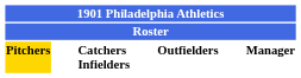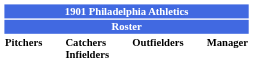 <table class="toccolours" style="font-size: 95%;">
 <tr>
 <th colspan="10" style="background-color: #4169e1; color: white; text-align: center;">1901 Philadelphia Athletics</th>
 </tr>
 <tr>
 <td colspan="10" style="background-color: #4169e1; color: white; text-align: center;"><strong>Roster</strong></td>
 </tr>
 <tr>
-<td valign="top" style="background: gold;"><strong>Pitchers</strong><br>         </td>
+<td valign="top"><strong>Pitchers</strong><br>         </td>
 <td width="25px"></td>
 <td valign="top"><strong>Catchers</strong><br>    <strong>Infielders</strong>         </td>
 <td width="25px"></td>
 <td valign="top"><strong>Outfielders</strong><br>       </td>
 <td width="25px"></td>
 <td valign="top"><strong>Manager</strong><br></td>
 </tr>
 </table>
